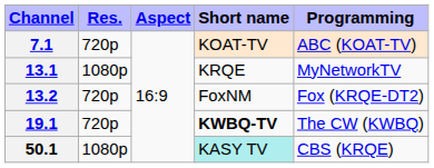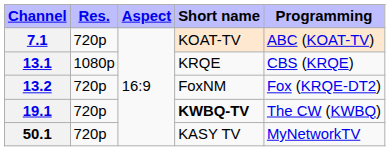 <table class="wikitable">
 <tr>
 <th style="background-color: #bdbdff" scope = "col"><a href='#'>Channel</a></th>
 <th style="background-color: #bdbdff" scope = "col"><a href='#'>Res.</a></th>
 <th style="background-color: #bdbdff" scope = "col"><a href='#'>Aspect</a></th>
 <th style="background-color: #bdbdff" scope = "col">Short name</th>
 <th style="background-color: #bdbdff" scope = "col">Programming</th>
 </tr>
 <tr>
 <th scope = "row"><a href='#'>7.1</a></th>
 <td>720p</td>
 <td rowspan=5>16:9</td>
 <td style="background-color:#ffe8d0">KOAT-TV</td>
 <td style="background-color:#ffe8d0"><a href='#'>ABC</a> (<a href='#'>KOAT-TV</a>) </td>
 </tr>
 <tr>
 <th scope = "row"><a href='#'>13.1</a></th>
 <td>1080p</td>
 <td>KRQE</td>
-<td><a href='#'>MyNetworkTV</a></td>
+<td><a href='#'>CBS</a> (<a href='#'>KRQE</a>)</td>
 </tr>
 <tr>
 <th scope = "row"><a href='#'>13.2</a></th>
 <td>720p</td>
 <td>FoxNM</td>
 <td><a href='#'>Fox</a> (<a href='#'>KRQE-DT2</a>)</td>
 </tr>
 <tr>
 <th scope = "row"><a href='#'>19.1</a></th>
 <td>720p</td>
 <td><strong>KWBQ-TV</strong></td>
 <td><a href='#'>The CW</a> (<a href='#'>KWBQ</a>)</td>
 </tr>
 <tr>
 <th scope = "row">50.1</th>
-<td>1080p</td>
-<td style="background: paleturquoise;">KASY TV</td>
-<td><a href='#'>CBS</a> (<a href='#'>KRQE</a>)</td>
+<td>720p</td>
+<td>KASY TV</td>
+<td><a href='#'>MyNetworkTV</a></td>
 </tr>
 </table>
